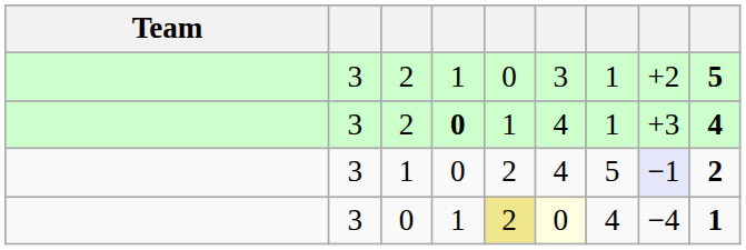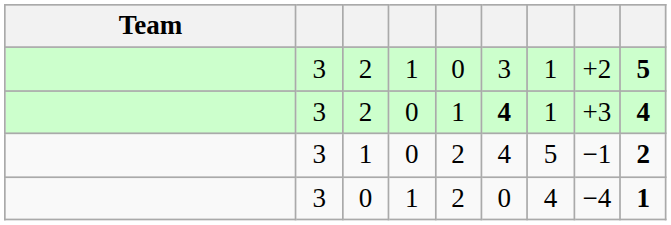 <table class="wikitable" style="text-align:center">
 <tr>
 <th width=165>Team</th>
 <th width=20></th>
 <th width=20></th>
 <th width=20></th>
 <th width=20></th>
 <th width=20></th>
 <th width=20></th>
 <th width=20></th>
 <th width=20></th>
 </tr>
 <tr bgcolor=ccffcc>
 <td align=left></td>
 <td>3</td>
 <td>2</td>
 <td>1</td>
 <td>0</td>
 <td>3</td>
 <td>1</td>
 <td>+2</td>
 <td><strong>5</strong></td>
 </tr>
 <tr bgcolor=ccffcc>
 <td align=left></td>
 <td>3</td>
 <td>2</td>
-<td><strong>0</strong></td>
+<td>0</td>
 <td>1</td>
-<td>4</td>
+<td><strong>4</strong></td>
 <td>1</td>
 <td>+3</td>
 <td><strong>4</strong></td>
 </tr>
 <tr>
 <td align=left></td>
 <td>3</td>
 <td>1</td>
 <td>0</td>
 <td>2</td>
 <td>4</td>
 <td>5</td>
-<td style="background: lavender;">−1</td>
+<td>−1</td>
 <td><strong>2</strong></td>
 </tr>
 <tr>
 <td align=left></td>
 <td>3</td>
 <td>0</td>
 <td>1</td>
-<td style="background: khaki;">2</td>
-<td style="background: lightyellow;">0</td>
+<td>2</td>
+<td>0</td>
 <td>4</td>
 <td>−4</td>
 <td><strong>1</strong></td>
 </tr>
 </table>
